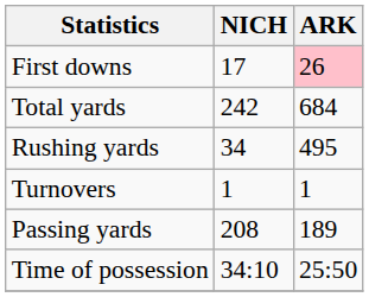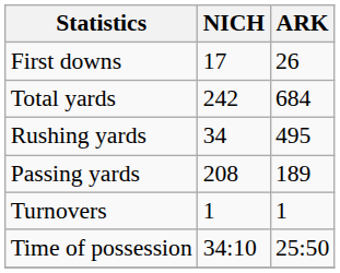 <table class="wikitable">
 <tr>
 <th>Statistics</th>
 <th>NICH</th>
 <th>ARK</th>
 </tr>
 <tr>
 <td>First downs</td>
 <td>17</td>
-<td style="background: pink;">26</td>
+<td>26</td>
 </tr>
 <tr>
 <td>Total yards</td>
 <td>242</td>
 <td>684</td>
 </tr>
 <tr>
 <td>Rushing yards</td>
 <td>34</td>
 <td>495</td>
 </tr>
 <tr>
+<td>Passing yards</td>
+<td>208</td>
+<td>189</td>
+</tr>
+<tr>
 <td>Turnovers</td>
 <td>1</td>
 <td>1</td>
-</tr>
-<tr>
-<td>Passing yards</td>
-<td>208</td>
-<td>189</td>
 </tr>
 <tr>
 <td>Time of possession</td>
 <td>34:10</td>
 <td>25:50</td>
 </tr>
 <tr>
 </tr>
 </table>
